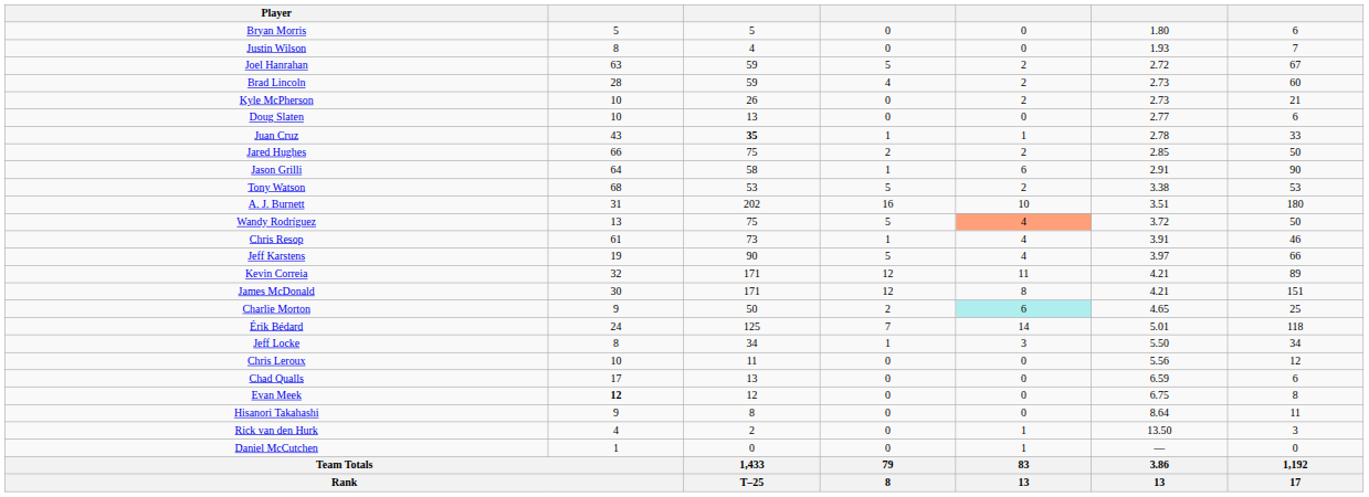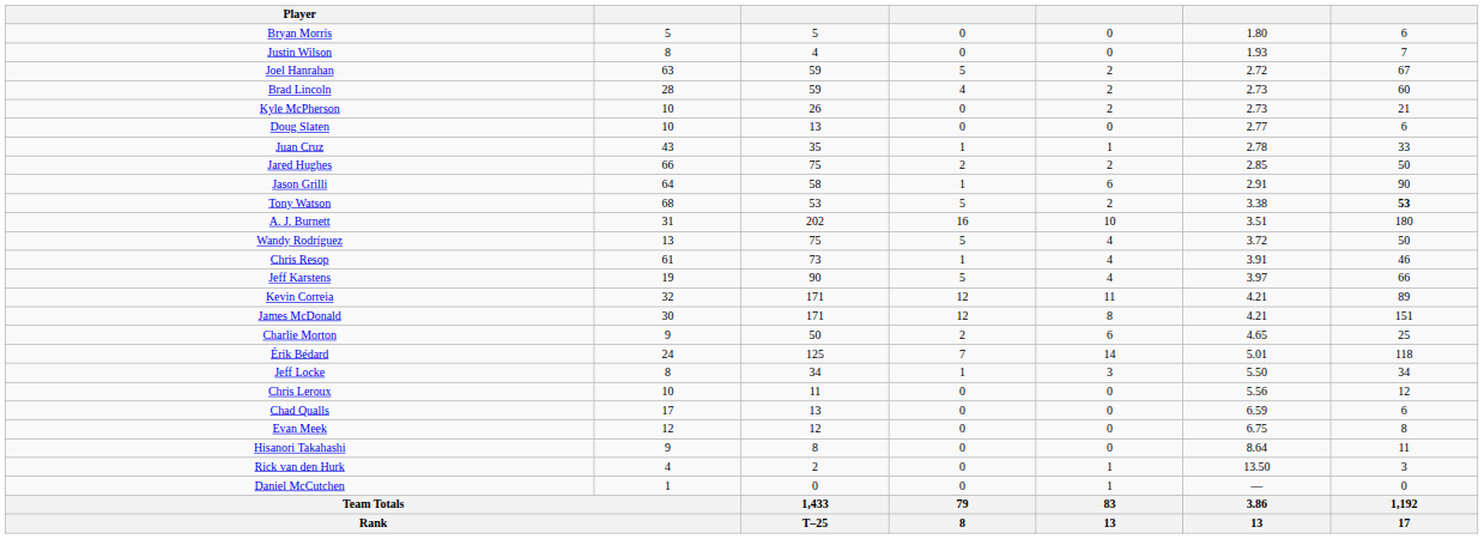 <table class="wikitable sortable" style="text-align:center;" width="100%">
 <tr>
 <th width="40%">Player</th>
 <th width="10%"></th>
 <th width="10%"></th>
 <th width="10%"></th>
 <th width="10%"></th>
 <th width="10%"></th>
 <th width="10%"></th>
 </tr>
 <tr>
 <td><a href='#'>Bryan Morris</a></td>
 <td>5</td>
 <td>5</td>
 <td>0</td>
 <td>0</td>
 <td>1.80</td>
 <td>6</td>
 </tr>
 <tr>
 <td><a href='#'>Justin Wilson</a></td>
 <td>8</td>
 <td>4</td>
 <td>0</td>
 <td>0</td>
 <td>1.93</td>
 <td>7</td>
 </tr>
 <tr>
 <td><a href='#'>Joel Hanrahan</a></td>
 <td>63</td>
 <td>59</td>
 <td>5</td>
 <td>2</td>
 <td>2.72</td>
 <td>67</td>
 </tr>
 <tr>
 <td><a href='#'>Brad Lincoln</a></td>
 <td>28</td>
 <td>59</td>
 <td>4</td>
 <td>2</td>
 <td>2.73</td>
 <td>60</td>
 </tr>
 <tr>
 <td><a href='#'>Kyle McPherson</a></td>
 <td>10</td>
 <td>26</td>
 <td>0</td>
 <td>2</td>
 <td>2.73</td>
 <td>21</td>
 </tr>
 <tr>
 <td><a href='#'>Doug Slaten</a></td>
 <td>10</td>
 <td>13</td>
 <td>0</td>
 <td>0</td>
 <td>2.77</td>
 <td>6</td>
 </tr>
 <tr>
 <td><a href='#'>Juan Cruz</a></td>
 <td>43</td>
-<td><strong>35</strong></td>
+<td>35</td>
 <td>1</td>
 <td>1</td>
 <td>2.78</td>
 <td>33</td>
 </tr>
 <tr>
 <td><a href='#'>Jared Hughes</a></td>
 <td>66</td>
 <td>75</td>
 <td>2</td>
 <td>2</td>
 <td>2.85</td>
 <td>50</td>
 </tr>
 <tr>
 <td><a href='#'>Jason Grilli</a></td>
 <td>64</td>
 <td>58</td>
 <td>1</td>
 <td>6</td>
 <td>2.91</td>
 <td>90</td>
 </tr>
 <tr>
 <td><a href='#'>Tony Watson</a></td>
 <td>68</td>
 <td>53</td>
 <td>5</td>
 <td>2</td>
 <td>3.38</td>
-<td>53</td>
+<td><strong>53</strong></td>
 </tr>
 <tr>
 <td><a href='#'>A. J. Burnett</a></td>
 <td>31</td>
 <td>202</td>
 <td>16</td>
 <td>10</td>
 <td>3.51</td>
 <td>180</td>
 </tr>
 <tr>
 <td><a href='#'>Wandy Rodríguez</a></td>
 <td>13</td>
 <td>75</td>
 <td>5</td>
-<td style="background: lightsalmon;">4</td>
+<td>4</td>
 <td>3.72</td>
 <td>50</td>
 </tr>
 <tr>
 <td><a href='#'>Chris Resop</a></td>
 <td>61</td>
 <td>73</td>
 <td>1</td>
 <td>4</td>
 <td>3.91</td>
 <td>46</td>
 </tr>
 <tr>
 <td><a href='#'>Jeff Karstens</a></td>
 <td>19</td>
 <td>90</td>
 <td>5</td>
 <td>4</td>
 <td>3.97</td>
 <td>66</td>
 </tr>
 <tr>
 <td><a href='#'>Kevin Correia</a></td>
 <td>32</td>
 <td>171</td>
 <td>12</td>
 <td>11</td>
 <td>4.21</td>
 <td>89</td>
 </tr>
 <tr>
 <td><a href='#'>James McDonald</a></td>
 <td>30</td>
 <td>171</td>
 <td>12</td>
 <td>8</td>
 <td>4.21</td>
 <td>151</td>
 </tr>
 <tr>
 <td><a href='#'>Charlie Morton</a></td>
 <td>9</td>
 <td>50</td>
 <td>2</td>
-<td style="background: paleturquoise;">6</td>
+<td>6</td>
 <td>4.65</td>
 <td>25</td>
 </tr>
 <tr>
 <td><a href='#'>Érik Bédard</a></td>
 <td>24</td>
 <td>125</td>
 <td>7</td>
 <td>14</td>
 <td>5.01</td>
 <td>118</td>
 </tr>
 <tr>
 <td><a href='#'>Jeff Locke</a></td>
 <td>8</td>
 <td>34</td>
 <td>1</td>
 <td>3</td>
 <td>5.50</td>
 <td>34</td>
 </tr>
 <tr>
 <td><a href='#'>Chris Leroux</a></td>
 <td>10</td>
 <td>11</td>
 <td>0</td>
 <td>0</td>
 <td>5.56</td>
 <td>12</td>
 </tr>
 <tr>
 <td><a href='#'>Chad Qualls</a></td>
 <td>17</td>
 <td>13</td>
 <td>0</td>
 <td>0</td>
 <td>6.59</td>
 <td>6</td>
 </tr>
 <tr>
 <td><a href='#'>Evan Meek</a></td>
-<td><strong>12</strong></td>
+<td>12</td>
 <td>12</td>
 <td>0</td>
 <td>0</td>
 <td>6.75</td>
 <td>8</td>
 </tr>
 <tr>
 <td><a href='#'>Hisanori Takahashi</a></td>
 <td>9</td>
 <td>8</td>
 <td>0</td>
 <td>0</td>
 <td>8.64</td>
 <td>11</td>
 </tr>
 <tr>
 <td><a href='#'>Rick van den Hurk</a></td>
 <td>4</td>
 <td>2</td>
 <td>0</td>
 <td>1</td>
 <td>13.50</td>
 <td>3</td>
 </tr>
 <tr>
 <td><a href='#'>Daniel McCutchen</a></td>
 <td>1</td>
 <td>0</td>
 <td>0</td>
 <td>1</td>
 <td>—</td>
 <td>0</td>
 </tr>
 <tr>
 <th colspan="2">Team Totals</th>
 <th>1,433</th>
 <th>79</th>
 <th>83</th>
 <th>3.86</th>
 <th>1,192</th>
 </tr>
 <tr>
 <th colspan="2">Rank</th>
 <th>T–25</th>
 <th>8</th>
 <th>13</th>
 <th>13</th>
 <th>17</th>
 </tr>
 </table>
